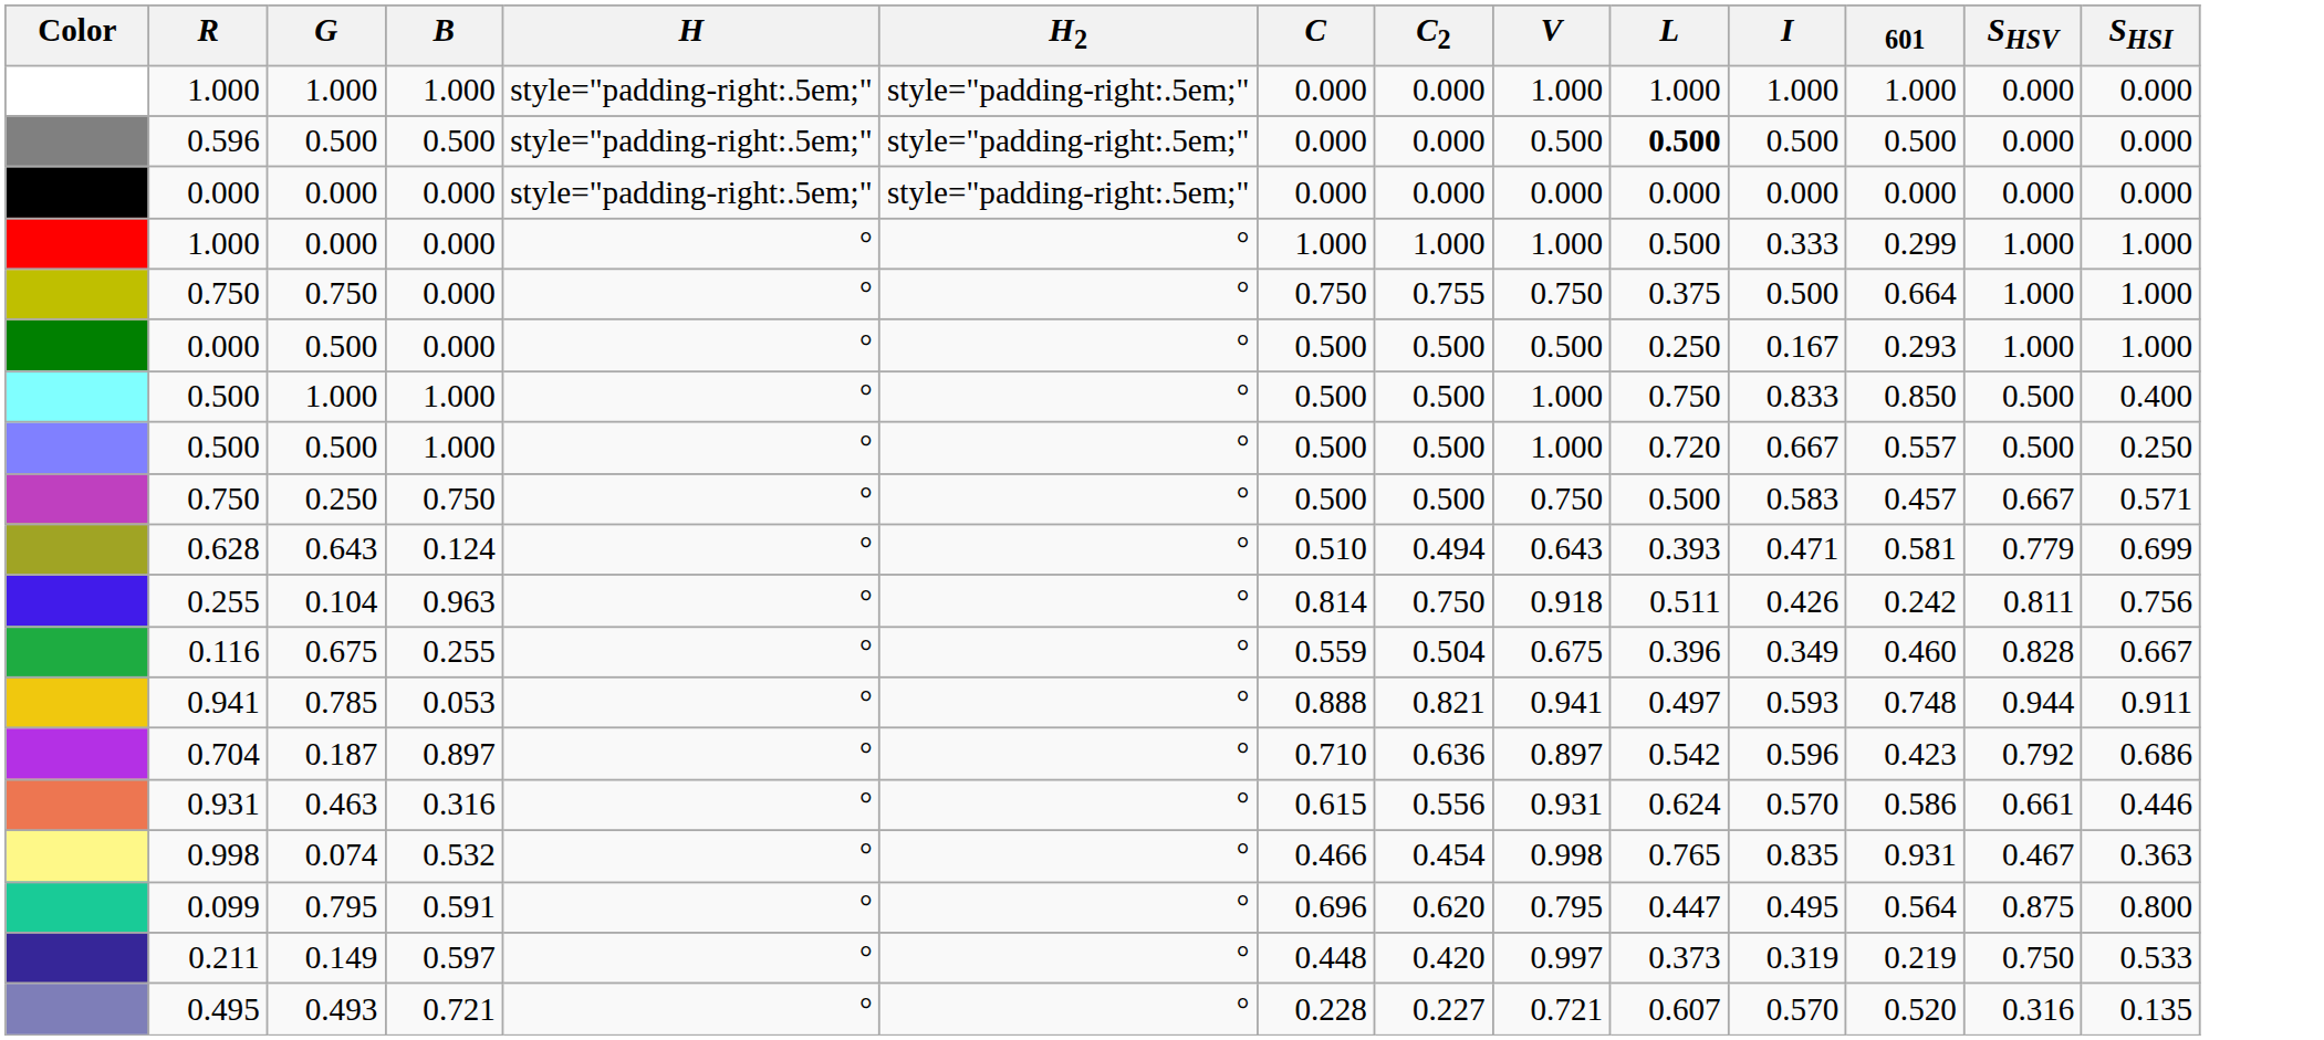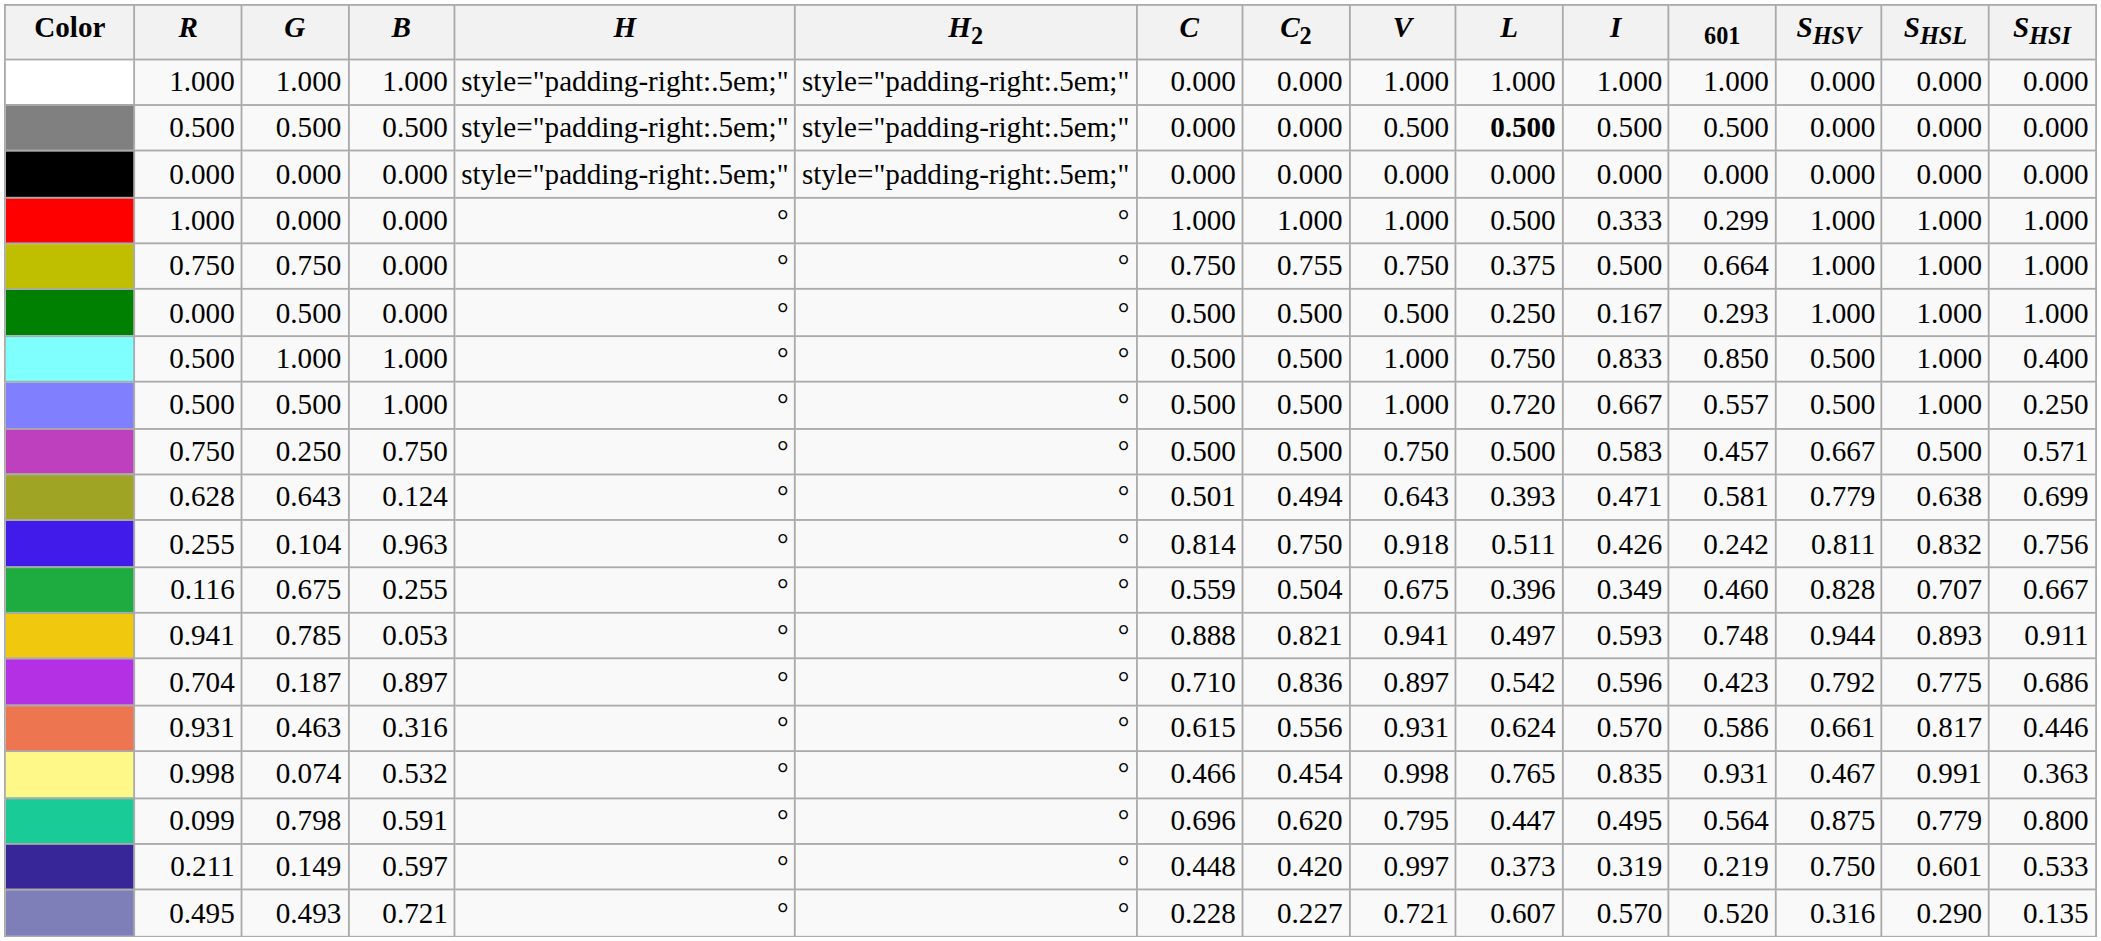 <table class="wikitable" style="text-align:right;" cellpadding="6">
 <tr style="text-align:center;vertical-align:baseline;">
 <th>Color</th>
 <th style="min-width:3.2em;"><em>R</em></th>
 <th style="min-width:3.2em;"><em>G</em></th>
 <th style="min-width:3.2em;"><em>B</em></th>
 <th style="min-width:3.2em;"><em>H</em></th>
 <th style="min-width:3.2em;"><em>H</em><sub>2</sub></th>
 <th style="min-width:3.2em;"><em>C</em></th>
 <th style="min-width:3.2em;"><em>C</em><sub>2</sub></th>
 <th style="min-width:3.2em;"><em>V</em></th>
 <th style="min-width:3.2em;"><em>L</em></th>
 <th style="min-width:3.2em;"><em>I</em></th>
 <th style="min-width:3.2em;"><em></em><sub>601</sub></th>
 <th style="min-width:3.2em;"><em>S</em><sub><em>HSV</em></sub></th>
+<th style="min-width:3.2em;"><em>S</em><sub><em>HSL</em></sub></th>
 <th style="min-width:3.2em;"><em>S</em><sub><em>HSI</em></sub></th>
 </tr>
 <tr>
 <td style="background-color:#FFFFFF; color:#FFFFFF"; title="#FFFFFF"; font-family=monospace, monospace>#FFFFFF</td>
 <td>1.000</td>
 <td>1.000</td>
 <td>1.000</td>
 <td>style="padding-right:.5em;" </td>
 <td>style="padding-right:.5em;" </td>
 <td>0.000</td>
 <td>0.000</td>
 <td>1.000</td>
 <td>1.000</td>
 <td>1.000</td>
 <td>1.000</td>
 <td>0.000</td>
 <td>0.000</td>
+<td>0.000</td>
 </tr>
 <tr>
 <td style="background-color:#808080; color:#808080"; title="#808080"; font-family=monospace, monospace>#808080</td>
-<td>0.596</td>
+<td>0.500</td>
 <td>0.500</td>
 <td>0.500</td>
 <td>style="padding-right:.5em;" </td>
 <td>style="padding-right:.5em;" </td>
 <td>0.000</td>
 <td>0.000</td>
 <td>0.500</td>
 <td><strong>0.500</strong></td>
 <td>0.500</td>
 <td>0.500</td>
 <td>0.000</td>
 <td>0.000</td>
+<td>0.000</td>
 </tr>
 <tr>
 <td style="background-color:#000000; color:#000000"; title="#000000"; font-family=monospace, monospace>#000000</td>
 <td>0.000</td>
 <td>0.000</td>
 <td>0.000</td>
 <td>style="padding-right:.5em;" </td>
 <td>style="padding-right:.5em;" </td>
+<td>0.000</td>
 <td>0.000</td>
 <td>0.000</td>
 <td>0.000</td>
 <td>0.000</td>
 <td>0.000</td>
 <td>0.000</td>
 <td>0.000</td>
 <td>0.000</td>
 </tr>
 <tr>
 <td style="background-color:#FF0000; color:#FF0000"; title="#FF0000"; font-family=monospace, monospace; font-family=monospace, monospace>#FF0000</td>
 <td>1.000</td>
 <td>0.000</td>
 <td>0.000</td>
 <td>°</td>
 <td>°</td>
 <td>1.000</td>
 <td>1.000</td>
 <td>1.000</td>
 <td>0.500</td>
 <td>0.333</td>
 <td>0.299</td>
 <td>1.000</td>
 <td>1.000</td>
+<td>1.000</td>
 </tr>
 <tr>
 <td style="background-color:#BFBF00; color:#BFBF00"; title="#BFBF00"; font-family=monospace, monospace>#BFBF00</td>
 <td>0.750</td>
 <td>0.750</td>
 <td>0.000</td>
 <td>°</td>
 <td>°</td>
 <td>0.750</td>
 <td>0.755</td>
 <td>0.750</td>
 <td>0.375</td>
 <td>0.500</td>
 <td>0.664</td>
+<td>1.000</td>
 <td>1.000</td>
 <td>1.000</td>
 </tr>
 <tr>
 <td style="background-color:#008000; color:#008000"; title="#008000"; font-family=monospace, monospace>#008000</td>
 <td>0.000</td>
 <td>0.500</td>
 <td>0.000</td>
 <td>°</td>
 <td>°</td>
 <td>0.500</td>
 <td>0.500</td>
 <td>0.500</td>
 <td>0.250</td>
 <td>0.167</td>
 <td>0.293</td>
 <td>1.000</td>
 <td>1.000</td>
+<td>1.000</td>
 </tr>
 <tr>
 <td style="background-color:#80FFFF; color:#80FFFF"; title="#80FFFF"; font-family=monospace, monospace>#80FFFF</td>
 <td>0.500</td>
 <td>1.000</td>
 <td>1.000</td>
 <td>°</td>
 <td>°</td>
 <td>0.500</td>
 <td>0.500</td>
 <td>1.000</td>
 <td>0.750</td>
 <td>0.833</td>
 <td>0.850</td>
 <td>0.500</td>
+<td>1.000</td>
 <td>0.400</td>
 </tr>
 <tr>
 <td style="background-color:#8080FF; color:#8080FF"; title="#8080FF"; font-family=monospace, monospace>#8080FF</td>
 <td>0.500</td>
 <td>0.500</td>
 <td>1.000</td>
 <td>°</td>
 <td>°</td>
 <td>0.500</td>
 <td>0.500</td>
 <td>1.000</td>
 <td>0.720</td>
 <td>0.667</td>
 <td>0.557</td>
 <td>0.500</td>
+<td>1.000</td>
 <td>0.250</td>
 </tr>
 <tr>
 <td style="background-color:#BF40BF; color:#BF40BF"; title="#BF40BF"; font-family=monospace, monospace>#BF40BF</td>
 <td>0.750</td>
 <td>0.250</td>
 <td>0.750</td>
 <td>°</td>
 <td>°</td>
 <td>0.500</td>
 <td>0.500</td>
 <td>0.750</td>
 <td>0.500</td>
 <td>0.583</td>
 <td>0.457</td>
 <td>0.667</td>
+<td>0.500</td>
 <td>0.571</td>
 </tr>
 <tr>
 <td style="background-color:#A0A424; color:#A0A424"; title="#A0A424"; font-family=monospace, monospace>#A0A424</td>
 <td>0.628</td>
 <td>0.643</td>
 <td>0.124</td>
 <td>°</td>
 <td>°</td>
-<td>0.510</td>
+<td>0.501</td>
 <td>0.494</td>
 <td>0.643</td>
 <td>0.393</td>
 <td>0.471</td>
 <td>0.581</td>
 <td>0.779</td>
+<td>0.638</td>
 <td>0.699</td>
 </tr>
 <tr>
 <td style="background-color:#411BEA; color:#411BEA"; title="#411BEA"; font-family=monospace, monospace>#411BEA</td>
 <td>0.255</td>
 <td>0.104</td>
 <td>0.963</td>
 <td>°</td>
 <td>°</td>
 <td>0.814</td>
 <td>0.750</td>
 <td>0.918</td>
 <td>0.511</td>
 <td>0.426</td>
 <td>0.242</td>
 <td>0.811</td>
+<td>0.832</td>
 <td>0.756</td>
 </tr>
 <tr>
 <td style="background-color:#1EAC41; color:#1EAC41"; title="#1EAC41"; font-family=monospace, monospace>#1EAC41</td>
 <td>0.116</td>
 <td>0.675</td>
 <td>0.255</td>
 <td>°</td>
 <td>°</td>
 <td>0.559</td>
 <td>0.504</td>
 <td>0.675</td>
 <td>0.396</td>
 <td>0.349</td>
 <td>0.460</td>
 <td>0.828</td>
+<td>0.707</td>
 <td>0.667</td>
 </tr>
 <tr>
 <td style="background-color:#F0C80E; color:#F0C80E"; title="#F0C80E"; font-family=monospace, monospace>#F0C80E</td>
 <td>0.941</td>
 <td>0.785</td>
 <td>0.053</td>
 <td>°</td>
 <td>°</td>
 <td>0.888</td>
 <td>0.821</td>
 <td>0.941</td>
 <td>0.497</td>
 <td>0.593</td>
 <td>0.748</td>
 <td>0.944</td>
+<td>0.893</td>
 <td>0.911</td>
 </tr>
 <tr>
 <td style="background-color:#B430E5; color:#B430E5"; title="#B430E5"; font-family=monospace, monospace>#B430E5</td>
 <td>0.704</td>
 <td>0.187</td>
 <td>0.897</td>
 <td>°</td>
 <td>°</td>
 <td>0.710</td>
-<td>0.636</td>
+<td>0.836</td>
 <td>0.897</td>
 <td>0.542</td>
 <td>0.596</td>
 <td>0.423</td>
 <td>0.792</td>
+<td>0.775</td>
 <td>0.686</td>
 </tr>
 <tr>
 <td style="background-color:#ED7651; color:#ED7651"; title="#ED7651"; font-family=monospace, monospace>#ED7651</td>
 <td>0.931</td>
 <td>0.463</td>
 <td>0.316</td>
 <td>°</td>
 <td>°</td>
 <td>0.615</td>
 <td>0.556</td>
 <td>0.931</td>
 <td>0.624</td>
 <td>0.570</td>
 <td>0.586</td>
 <td>0.661</td>
+<td>0.817</td>
 <td>0.446</td>
 </tr>
 <tr>
 <td style="background-color:#FEF888; color:#FEF888"; title="#FEF888"; font-family=monospace, monospace>#FEF888</td>
 <td>0.998</td>
 <td>0.074</td>
 <td>0.532</td>
 <td>°</td>
 <td>°</td>
 <td>0.466</td>
 <td>0.454</td>
 <td>0.998</td>
 <td>0.765</td>
 <td>0.835</td>
 <td>0.931</td>
 <td>0.467</td>
+<td>0.991</td>
 <td>0.363</td>
 </tr>
 <tr>
 <td style="background-color:#19CB97; color:#19CB97"; title="#19CB97"; font-family=monospace, monospace>#19CB97</td>
 <td>0.099</td>
-<td>0.795</td>
+<td>0.798</td>
 <td>0.591</td>
 <td>°</td>
 <td>°</td>
 <td>0.696</td>
 <td>0.620</td>
 <td>0.795</td>
 <td>0.447</td>
 <td>0.495</td>
 <td>0.564</td>
 <td>0.875</td>
+<td>0.779</td>
 <td>0.800</td>
 </tr>
 <tr>
 <td style="background-color:#362698; color:#362698"; title="#362698"; font-family=monospace, monospace>#362698</td>
 <td>0.211</td>
 <td>0.149</td>
 <td>0.597</td>
 <td>°</td>
 <td>°</td>
 <td>0.448</td>
 <td>0.420</td>
 <td>0.997</td>
 <td>0.373</td>
 <td>0.319</td>
 <td>0.219</td>
 <td>0.750</td>
+<td>0.601</td>
 <td>0.533</td>
 </tr>
 <tr>
 <td style="background-color:#7E7EB8; color:#7E7EB8"; title="#7E7EB8"; font-family=monospace, monospace>#7E7EB8</td>
 <td>0.495</td>
 <td>0.493</td>
 <td>0.721</td>
 <td>°</td>
 <td>°</td>
 <td>0.228</td>
 <td>0.227</td>
 <td>0.721</td>
 <td>0.607</td>
 <td>0.570</td>
 <td>0.520</td>
 <td>0.316</td>
+<td>0.290</td>
 <td>0.135</td>
 </tr>
 </table>
